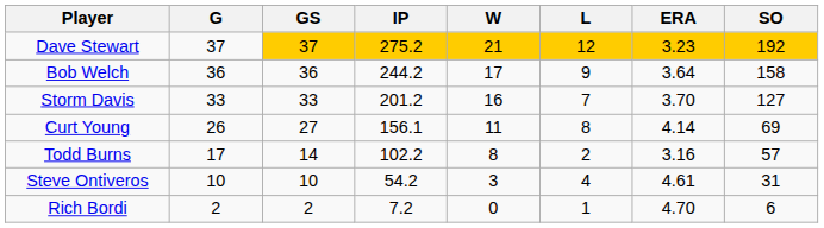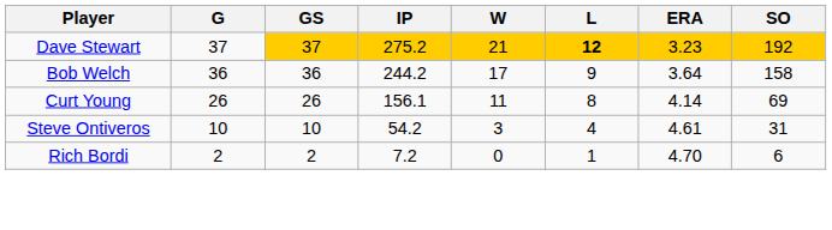 <table class="wikitable sortable">
 <tr>
 <th bgcolor="#DDDDFF" width="16%">Player</th>
 <th bgcolor="#DDDDFF" width="9%">G</th>
 <th bgcolor="#DDDDFF" width="9%">GS</th>
 <th bgcolor="#DDDDFF" width="9%">IP</th>
 <th bgcolor="#DDDDFF" width="9%">W</th>
 <th bgcolor="#DDDDFF" width="9%">L</th>
 <th bgcolor="#DDDDFF" width="9%">ERA</th>
 <th bgcolor="#DDDDFF" width="9%">SO</th>
 </tr>
 <tr align="center">
 <td><a href='#'>Dave Stewart</a></td>
 <td>37</td>
 <td bgcolor="#FFCC00">37</td>
 <td bgcolor="#FFCC00">275.2</td>
 <td bgcolor="#FFCC00">21</td>
-<td bgcolor="#FFCC00">12</td>
+<td bgcolor="#FFCC00"><strong>12</strong></td>
 <td bgcolor="#FFCC00">3.23</td>
 <td bgcolor="#FFCC00">192</td>
 </tr>
 <tr align="center">
 <td><a href='#'>Bob Welch</a></td>
 <td>36</td>
 <td>36</td>
 <td>244.2</td>
 <td>17</td>
 <td>9</td>
 <td>3.64</td>
 <td>158</td>
 </tr>
 <tr align="center">
-<td><a href='#'>Storm Davis</a></td>
-<td>33</td>
-<td>33</td>
-<td>201.2</td>
-<td>16</td>
-<td>7</td>
-<td>3.70</td>
-<td>127</td>
-</tr>
-<tr align="center">
 <td><a href='#'>Curt Young</a></td>
 <td>26</td>
-<td>27</td>
+<td>26</td>
 <td>156.1</td>
 <td>11</td>
 <td>8</td>
 <td>4.14</td>
 <td>69</td>
-</tr>
-<tr align="center">
-<td><a href='#'>Todd Burns</a></td>
-<td>17</td>
-<td>14</td>
-<td>102.2</td>
-<td>8</td>
-<td>2</td>
-<td>3.16</td>
-<td>57</td>
 </tr>
 <tr align="center">
 <td><a href='#'>Steve Ontiveros</a></td>
 <td>10</td>
 <td>10</td>
 <td>54.2</td>
 <td>3</td>
 <td>4</td>
 <td>4.61</td>
 <td>31</td>
 </tr>
 <tr align="center">
 <td><a href='#'>Rich Bordi</a></td>
 <td>2</td>
 <td>2</td>
 <td>7.2</td>
 <td>0</td>
 <td>1</td>
 <td>4.70</td>
 <td>6</td>
 </tr>
 </table>
